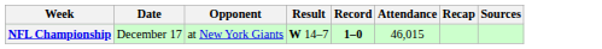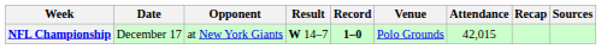 <table class="wikitable" style="text-align:center">
 <tr>
 <th>Week</th>
 <th>Date</th>
 <th>Opponent</th>
 <th>Result</th>
 <th>Record</th>
+<th>Venue</th>
 <th>Attendance</th>
 <th>Recap</th>
 <th>Sources</th>
 </tr>
 <tr style="background:#cfc">
 <th><a href='#'>NFL Championship</a></th>
 <td>December 17</td>
 <td>at <a href='#'>New York Giants</a></td>
 <td><strong>W</strong> 14–7</td>
 <td><strong>1–0</strong></td>
-<td>46,015</td>
+<td><a href='#'>Polo Grounds</a></td>
+<td>42,015</td>
 <td></td>
 <td></td>
 </tr>
 </table>
